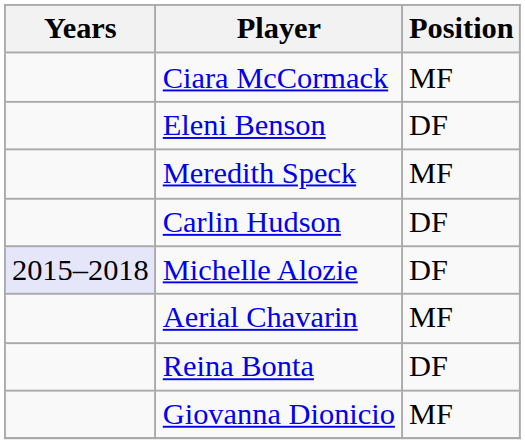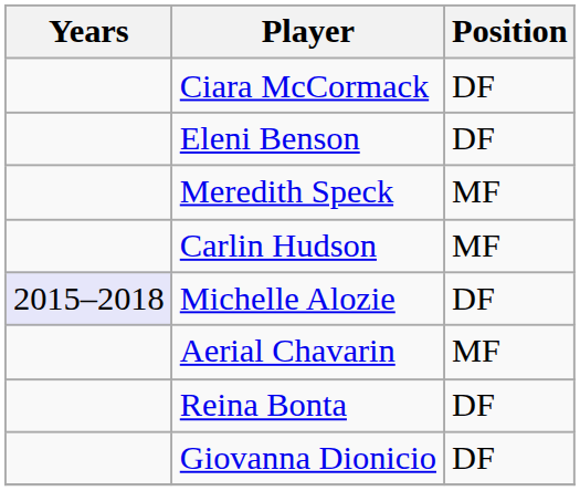 <table class= "wikitable">
 <tr>
 <th width=px>Years</th>
 <th width=px>Player</th>
 <th width=px>Position</th>
 </tr>
 <tr>
 <td></td>
 <td><a href='#'>Ciara McCormack</a></td>
-<td>MF</td>
+<td>DF</td>
 </tr>
 <tr>
 <td></td>
 <td><a href='#'>Eleni Benson</a></td>
 <td>DF</td>
 </tr>
 <tr>
 <td></td>
 <td><a href='#'>Meredith Speck</a></td>
 <td>MF</td>
 </tr>
 <tr>
 <td></td>
 <td><a href='#'>Carlin Hudson</a></td>
-<td>DF</td>
+<td>MF</td>
 </tr>
 <tr>
 <td {{center style="background: lavender;">2015–2018</td>
 <td><a href='#'>Michelle Alozie</a></td>
 <td>DF</td>
 </tr>
 <tr>
 <td></td>
 <td><a href='#'>Aerial Chavarin</a></td>
 <td>MF</td>
 </tr>
 <tr>
 <td></td>
 <td><a href='#'>Reina Bonta</a></td>
 <td>DF</td>
 </tr>
 <tr>
 <td></td>
 <td><a href='#'>Giovanna Dionicio</a></td>
-<td>MF</td>
+<td>DF</td>
 </tr>
 <tr>
 </tr>
 </table>
